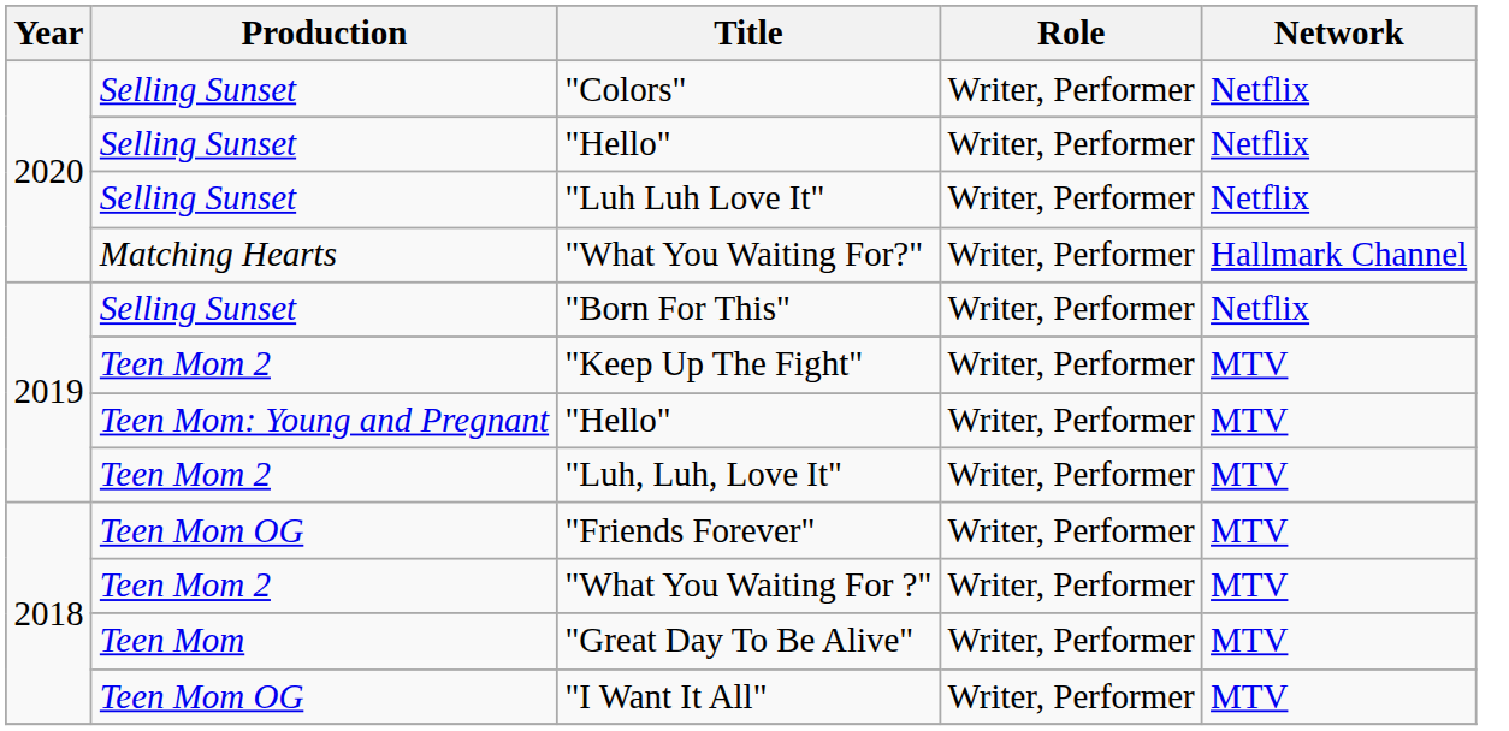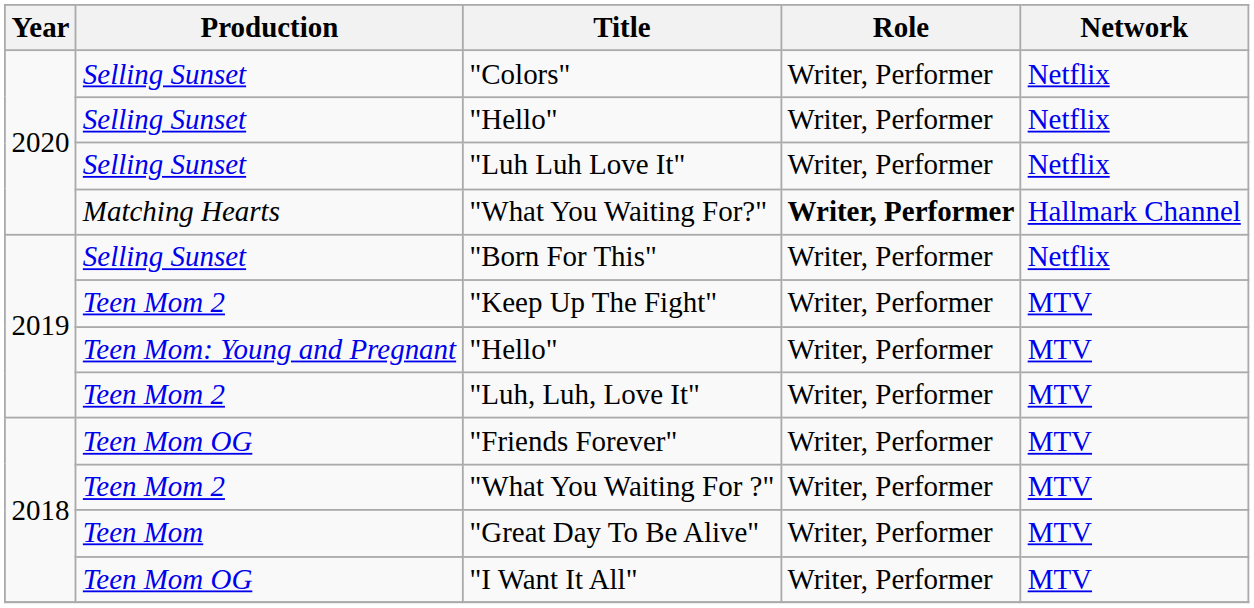 <table class="wikitable sortable">
 <tr>
 <th>Year</th>
 <th>Production</th>
 <th>Title</th>
 <th>Role</th>
 <th>Network</th>
 </tr>
 <tr>
 <td rowspan="4">2020</td>
 <td><em><a href='#'>Selling Sunset</a></em></td>
 <td>"Colors"</td>
 <td>Writer, Performer</td>
 <td><a href='#'>Netflix</a></td>
 </tr>
 <tr>
 <td><em><a href='#'>Selling Sunset</a></em></td>
 <td>"Hello"</td>
 <td>Writer, Performer</td>
 <td><a href='#'>Netflix</a></td>
 </tr>
 <tr>
 <td><em><a href='#'>Selling Sunset</a></em></td>
 <td>"Luh Luh Love It"</td>
 <td>Writer, Performer</td>
 <td><a href='#'>Netflix</a></td>
 </tr>
 <tr>
 <td><em>Matching Hearts</em></td>
 <td>"What You Waiting For?"</td>
-<td>Writer, Performer</td>
+<td><strong>Writer, Performer</strong></td>
 <td><a href='#'>Hallmark Channel</a></td>
 </tr>
 <tr>
 <td rowspan="4">2019</td>
 <td><em><a href='#'>Selling Sunset</a></em></td>
 <td>"Born For This"</td>
 <td>Writer, Performer</td>
 <td><a href='#'>Netflix</a></td>
 </tr>
 <tr>
 <td><em><a href='#'>Teen Mom 2</a></em></td>
 <td>"Keep Up The Fight"</td>
 <td>Writer, Performer</td>
 <td><a href='#'>MTV</a></td>
 </tr>
 <tr>
 <td><em><a href='#'>Teen Mom: Young and Pregnant</a></em></td>
 <td>"Hello"</td>
 <td>Writer, Performer</td>
 <td><a href='#'>MTV</a></td>
 </tr>
 <tr>
 <td><em><a href='#'>Teen Mom 2</a></em></td>
 <td>"Luh, Luh, Love It"</td>
 <td>Writer, Performer</td>
 <td><a href='#'>MTV</a></td>
 </tr>
 <tr>
 <td rowspan="4">2018</td>
 <td><em><a href='#'>Teen Mom OG</a></em></td>
 <td>"Friends Forever"</td>
 <td>Writer, Performer</td>
 <td><a href='#'>MTV</a></td>
 </tr>
 <tr>
 <td><em><a href='#'>Teen Mom 2</a></em></td>
 <td>"What You Waiting For ?"</td>
 <td>Writer, Performer</td>
 <td><a href='#'>MTV</a></td>
 </tr>
 <tr>
 <td><em><a href='#'>Teen Mom</a></em></td>
 <td>"Great Day To Be Alive"</td>
 <td>Writer, Performer</td>
 <td><a href='#'>MTV</a></td>
 </tr>
 <tr>
 <td><em><a href='#'>Teen Mom OG</a></em></td>
 <td>"I Want It All"</td>
 <td>Writer, Performer</td>
 <td><a href='#'>MTV</a></td>
 </tr>
 <tr>
 </tr>
 </table>
